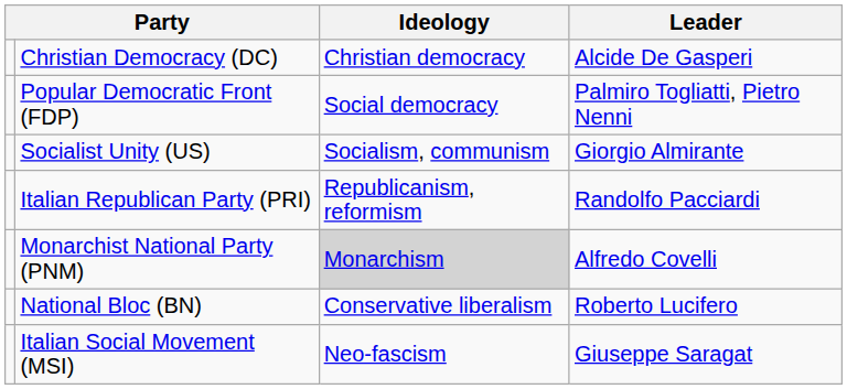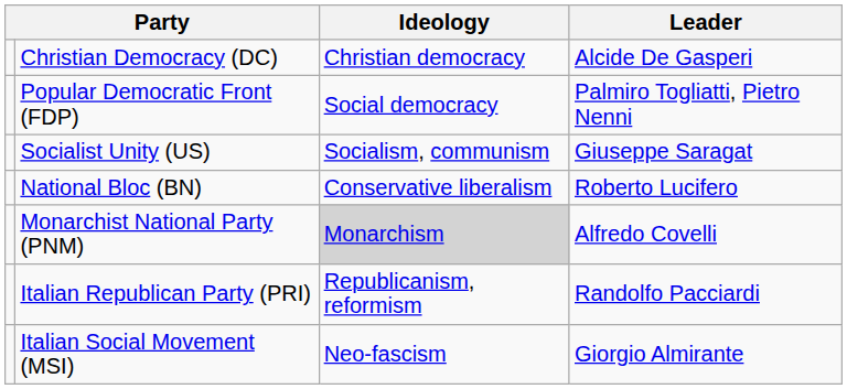 <table class=wikitable style="text-align:left">
 <tr>
 <th colspan=2>Party</th>
 <th>Ideology</th>
 <th>Leader</th>
 </tr>
 <tr>
 <td></td>
 <td><a href='#'>Christian Democracy</a> (DC)</td>
 <td><a href='#'>Christian democracy</a></td>
 <td><a href='#'>Alcide De Gasperi</a></td>
 </tr>
 <tr>
 <td></td>
 <td><a href='#'>Popular Democratic Front</a> (FDP)</td>
 <td><a href='#'>Social democracy</a></td>
 <td><a href='#'>Palmiro Togliatti</a>, <a href='#'>Pietro Nenni</a></td>
 </tr>
 <tr>
 <td></td>
 <td><a href='#'>Socialist Unity</a> (US)</td>
 <td><a href='#'>Socialism</a>, <a href='#'>communism</a></td>
-<td><a href='#'>Giorgio Almirante</a></td>
+<td><a href='#'>Giuseppe Saragat</a></td>
+</tr>
+<tr>
+<td></td>
+<td><a href='#'>National Bloc</a> (BN)</td>
+<td><a href='#'>Conservative liberalism</a></td>
+<td><a href='#'>Roberto Lucifero</a></td>
+</tr>
+<tr>
+<td></td>
+<td><a href='#'>Monarchist National Party</a> (PNM)</td>
+<td style="background: lightgrey;"><a href='#'>Monarchism</a></td>
+<td><a href='#'>Alfredo Covelli</a></td>
 </tr>
 <tr>
 <td></td>
 <td><a href='#'>Italian Republican Party</a> (PRI)</td>
 <td><a href='#'>Republicanism</a>, <a href='#'>reformism</a></td>
 <td><a href='#'>Randolfo Pacciardi</a></td>
 </tr>
 <tr>
 <td></td>
-<td><a href='#'>Monarchist National Party</a> (PNM)</td>
-<td style="background: lightgrey;"><a href='#'>Monarchism</a></td>
-<td><a href='#'>Alfredo Covelli</a></td>
-</tr>
-<tr>
-<td></td>
-<td><a href='#'>National Bloc</a> (BN)</td>
-<td><a href='#'>Conservative liberalism</a></td>
-<td><a href='#'>Roberto Lucifero</a></td>
-</tr>
-<tr>
-<td></td>
 <td><a href='#'>Italian Social Movement</a> (MSI)</td>
 <td><a href='#'>Neo-fascism</a></td>
-<td><a href='#'>Giuseppe Saragat</a></td>
+<td><a href='#'>Giorgio Almirante</a></td>
 </tr>
 </table>
